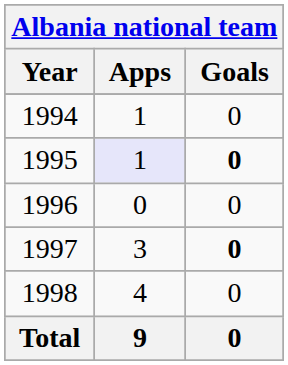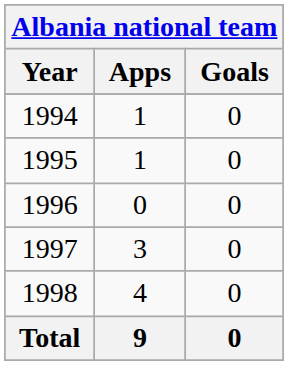 <table class="wikitable" style="text-align:center">
 <tr>
 <th colspan=3><a href='#'>Albania national team</a></th>
 </tr>
 <tr>
 <th>Year</th>
 <th>Apps</th>
 <th>Goals</th>
 </tr>
 <tr>
 </tr>
 <tr>
 <td>1994</td>
 <td>1</td>
 <td>0</td>
 </tr>
 <tr>
 <td>1995</td>
-<td style="background: lavender;">1</td>
-<td><strong>0</strong></td>
+<td>1</td>
+<td>0</td>
 </tr>
 <tr>
 <td>1996</td>
 <td>0</td>
 <td>0</td>
 </tr>
 <tr>
 <td>1997</td>
 <td>3</td>
-<td><strong>0</strong></td>
+<td>0</td>
 </tr>
 <tr>
 <td>1998</td>
 <td>4</td>
 <td>0</td>
 </tr>
 <tr>
 <th>Total</th>
 <th>9</th>
 <th>0</th>
 </tr>
 </table>
